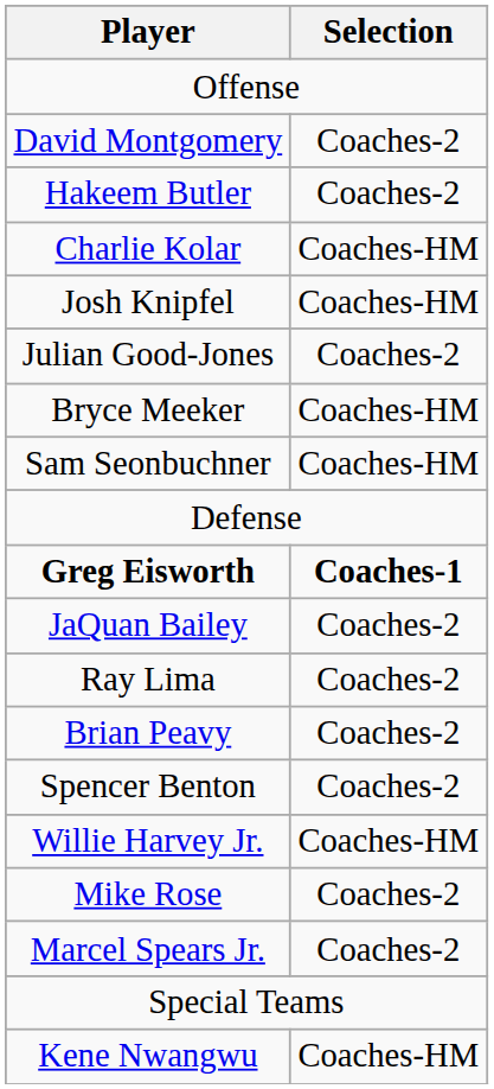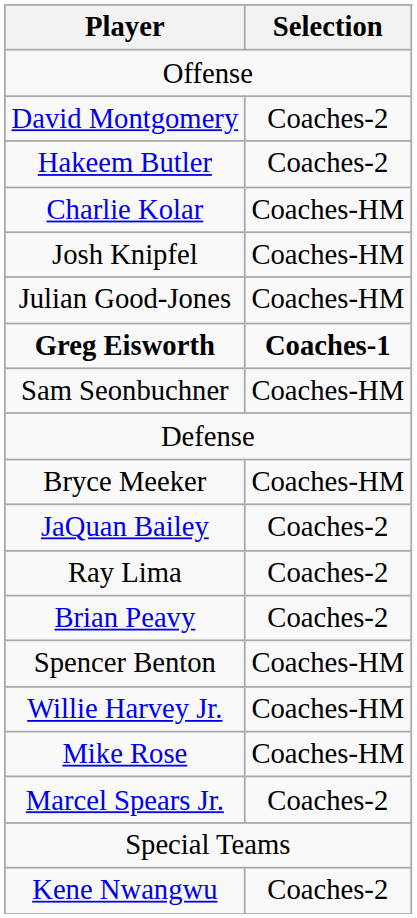 <table class="wikitable" style="text-align: center">
 <tr align=center>
 <th>Player</th>
 <th>Selection</th>
 </tr>
 <tr>
 <td colspan="2">Offense</td>
 </tr>
 <tr>
 <td><a href='#'>David Montgomery</a></td>
 <td>Coaches-2</td>
 </tr>
 <tr>
 <td><a href='#'>Hakeem Butler</a></td>
 <td>Coaches-2</td>
 </tr>
 <tr>
 <td><a href='#'>Charlie Kolar</a></td>
 <td>Coaches-HM</td>
 </tr>
 <tr>
 <td>Josh Knipfel</td>
 <td>Coaches-HM</td>
 </tr>
 <tr>
 <td>Julian Good-Jones</td>
-<td>Coaches-2</td>
+<td>Coaches-HM</td>
 </tr>
 <tr>
-<td>Bryce Meeker</td>
-<td>Coaches-HM</td>
+<td><strong>Greg Eisworth</strong></td>
+<td><strong>Coaches-1</strong></td>
 </tr>
 <tr>
 <td>Sam Seonbuchner</td>
 <td>Coaches-HM</td>
 </tr>
 <tr>
 <td colspan="2">Defense</td>
 </tr>
 <tr>
-<td><strong>Greg Eisworth</strong></td>
-<td><strong>Coaches-1</strong></td>
+<td>Bryce Meeker</td>
+<td>Coaches-HM</td>
 </tr>
 <tr>
 <td><a href='#'>JaQuan Bailey</a></td>
 <td>Coaches-2</td>
 </tr>
 <tr>
 <td>Ray Lima</td>
 <td>Coaches-2</td>
 </tr>
 <tr>
 <td><a href='#'>Brian Peavy</a></td>
 <td>Coaches-2</td>
 </tr>
 <tr>
 <td>Spencer Benton</td>
-<td>Coaches-2</td>
+<td>Coaches-HM</td>
 </tr>
 <tr>
 <td><a href='#'>Willie Harvey Jr.</a></td>
 <td>Coaches-HM</td>
 </tr>
 <tr>
 <td><a href='#'>Mike Rose</a></td>
-<td>Coaches-2</td>
+<td>Coaches-HM</td>
 </tr>
 <tr>
 <td><a href='#'>Marcel Spears Jr.</a></td>
 <td>Coaches-2</td>
 </tr>
 <tr>
 <td colspan="2">Special Teams</td>
 </tr>
 <tr>
 <td><a href='#'>Kene Nwangwu</a></td>
-<td>Coaches-HM</td>
+<td>Coaches-2</td>
 </tr>
 <tr>
 </tr>
 </table>
